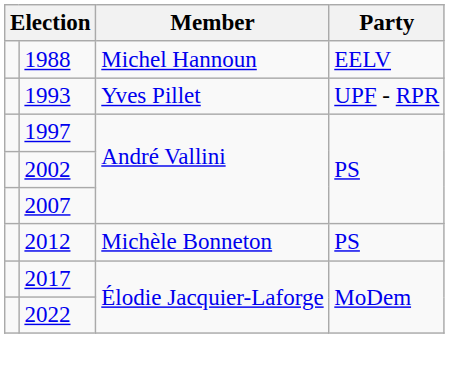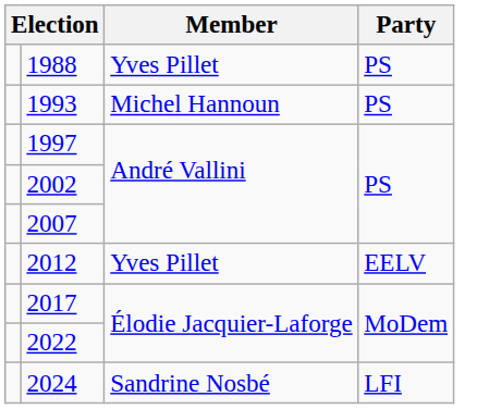 <table class="wikitable">
 <tr>
 <th colspan="2">Election</th>
 <th>Member</th>
 <th>Party</th>
 </tr>
 <tr>
 <td style="color:inherit;background-color:"></td>
 <td><a href='#'>1988</a></td>
-<td><a href='#'>Michel Hannoun</a></td>
-<td><a href='#'>EELV</a></td>
+<td><a href='#'>Yves Pillet</a></td>
+<td><a href='#'>PS</a></td>
 </tr>
 <tr>
 <td style="color:inherit;background-color:"></td>
 <td><a href='#'>1993</a></td>
-<td><a href='#'>Yves Pillet</a></td>
-<td><a href='#'>UPF</a> - <a href='#'>RPR</a></td>
+<td><a href='#'>Michel Hannoun</a></td>
+<td><a href='#'>PS</a></td>
 </tr>
 <tr>
 <td style="color:inherit;background-color:"></td>
 <td><a href='#'>1997</a></td>
 <td rowspan="3"><a href='#'>André Vallini</a><br><br></td>
 <td rowspan="3"><a href='#'>PS</a></td>
 </tr>
 <tr>
 <td style="color:inherit;background-color:"></td>
 <td><a href='#'>2002</a></td>
 </tr>
 <tr>
 <td style="color:inherit;background-color:"></td>
 <td><a href='#'>2007</a></td>
 </tr>
 <tr>
 <td style="color:inherit;background-color:"></td>
 <td><a href='#'>2012</a></td>
-<td><a href='#'>Michèle Bonneton</a></td>
-<td><a href='#'>PS</a></td>
+<td><a href='#'>Yves Pillet</a></td>
+<td><a href='#'>EELV</a></td>
 </tr>
 <tr>
 <td style="color:inherit;background:"></td>
 <td><a href='#'>2017</a></td>
 <td rowspan="2"><a href='#'>Élodie Jacquier-Laforge</a></td>
 <td rowspan="2"><a href='#'>MoDem</a></td>
 </tr>
 <tr>
 <td style="color:inherit;background:"></td>
 <td><a href='#'>2022</a></td>
 </tr>
+<tr>
+<td style="color:inherit;background-color:"></td>
+<td><a href='#'>2024</a></td>
+<td><a href='#'>Sandrine Nosbé</a></td>
+<td><a href='#'>LFI</a></td>
+</tr>
 </table>
